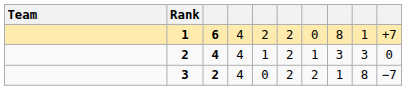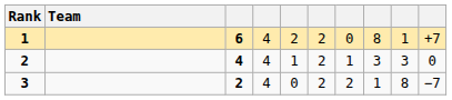 <table class="wikitable" style="text-align: center;">
 <tr>
+<th width=30>Rank</th>
 <th width=165 style="text-align:left;">Team</th>
-<th width=30>Rank</th>
 <th width=20></th>
 <th width=20></th>
 <th width=20></th>
 <th width=20></th>
 <th width=20></th>
 <th width=20></th>
 <th width=20></th>
 <th width=20></th>
 </tr>
 <tr style="background:#ffebad;">
+<td><strong>1</strong></td>
 <td style="text-align:left;"></td>
-<td><strong>1</strong></td>
 <td><strong>6</strong></td>
 <td>4</td>
 <td>2</td>
 <td>2</td>
 <td>0</td>
 <td>8</td>
 <td>1</td>
 <td>+7</td>
 </tr>
 <tr>
+<td><strong>2</strong></td>
 <td style="text-align:left;"></td>
-<td><strong>2</strong></td>
 <td><strong>4</strong></td>
 <td>4</td>
 <td>1</td>
 <td>2</td>
 <td>1</td>
 <td>3</td>
 <td>3</td>
 <td>0</td>
 </tr>
 <tr>
+<td><strong>3</strong></td>
 <td style="text-align:left;"></td>
-<td><strong>3</strong></td>
 <td><strong>2</strong></td>
 <td>4</td>
 <td>0</td>
 <td>2</td>
 <td>2</td>
 <td>1</td>
 <td>8</td>
 <td>−7</td>
 </tr>
 </table>
